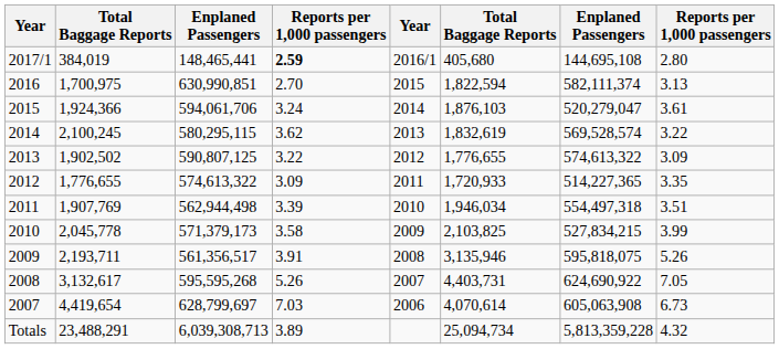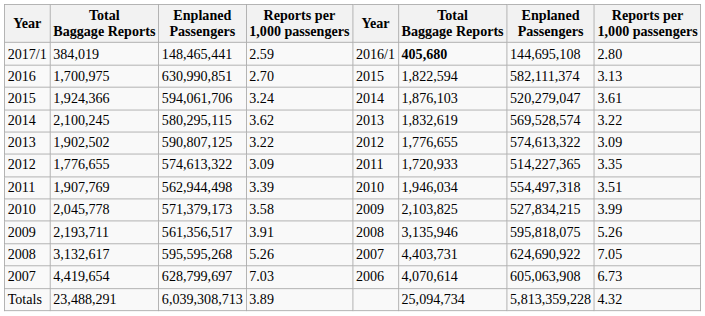 <table class="wikitable" border="1">
 <tr>
 <th>Year</th>
 <th>Total<br>Baggage Reports</th>
 <th>Enplaned<br>Passengers</th>
 <th>Reports per<br>1,000 passengers</th>
 <th>Year</th>
 <th>Total<br>Baggage Reports</th>
 <th>Enplaned<br>Passengers</th>
 <th>Reports per<br>1,000 passengers</th>
 </tr>
 <tr>
 <td>2017/1</td>
 <td>384,019</td>
 <td>148,465,441</td>
-<td><strong>2.59</strong></td>
+<td>2.59</td>
 <td>2016/1</td>
-<td>405,680</td>
+<td><strong>405,680</strong></td>
 <td>144,695,108</td>
 <td>2.80</td>
 </tr>
 <tr>
 <td>2016</td>
 <td>1,700,975</td>
 <td>630,990,851</td>
 <td>2.70</td>
 <td>2015</td>
 <td>1,822,594</td>
 <td>582,111,374</td>
 <td>3.13</td>
 </tr>
 <tr>
 <td>2015</td>
 <td>1,924,366</td>
 <td>594,061,706</td>
 <td>3.24</td>
 <td>2014</td>
 <td>1,876,103</td>
 <td>520,279,047</td>
 <td>3.61</td>
 </tr>
 <tr>
 <td>2014</td>
 <td>2,100,245</td>
 <td>580,295,115</td>
 <td>3.62</td>
 <td>2013</td>
 <td>1,832,619</td>
 <td>569,528,574</td>
 <td>3.22</td>
 </tr>
 <tr>
 <td>2013</td>
 <td>1,902,502</td>
 <td>590,807,125</td>
 <td>3.22</td>
 <td>2012</td>
 <td>1,776,655</td>
 <td>574,613,322</td>
 <td>3.09</td>
 </tr>
 <tr>
 <td>2012</td>
 <td>1,776,655</td>
 <td>574,613,322</td>
 <td>3.09</td>
 <td>2011</td>
 <td>1,720,933</td>
 <td>514,227,365</td>
 <td>3.35</td>
 </tr>
 <tr>
 <td>2011</td>
 <td>1,907,769</td>
 <td>562,944,498</td>
 <td>3.39</td>
 <td>2010</td>
 <td>1,946,034</td>
 <td>554,497,318</td>
 <td>3.51</td>
 </tr>
 <tr>
 <td>2010</td>
 <td>2,045,778</td>
 <td>571,379,173</td>
 <td>3.58</td>
 <td>2009</td>
 <td>2,103,825</td>
 <td>527,834,215</td>
 <td>3.99</td>
 </tr>
 <tr>
 <td>2009</td>
 <td>2,193,711</td>
 <td>561,356,517</td>
 <td>3.91</td>
 <td>2008</td>
 <td>3,135,946</td>
 <td>595,818,075</td>
 <td>5.26</td>
 </tr>
 <tr>
 <td>2008</td>
 <td>3,132,617</td>
 <td>595,595,268</td>
 <td>5.26</td>
 <td>2007</td>
 <td>4,403,731</td>
 <td>624,690,922</td>
 <td>7.05</td>
 </tr>
 <tr>
 <td>2007</td>
 <td>4,419,654</td>
 <td>628,799,697</td>
 <td>7.03</td>
 <td>2006</td>
 <td>4,070,614</td>
 <td>605,063,908</td>
 <td>6.73</td>
 </tr>
 <tr>
 <td>Totals</td>
 <td>23,488,291</td>
 <td>6,039,308,713</td>
 <td>3.89</td>
 <td></td>
 <td>25,094,734</td>
 <td>5,813,359,228</td>
 <td>4.32</td>
 </tr>
 </table>
